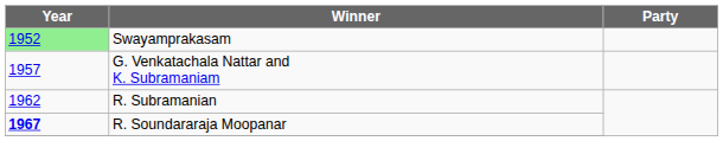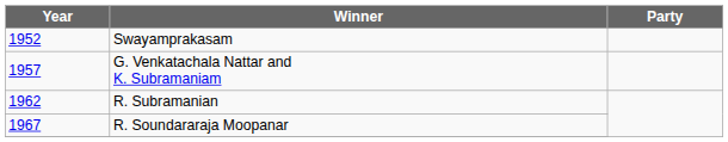 <table class="wikitable" width="50%">
 <tr>
 <th style="background-color:#666666; color:white">Year</th>
 <th style="background-color:#666666; color:white">Winner</th>
 <th style="background-color:#666666; color:white" colspan="2">Party</th>
 </tr>
 <tr>
-<td style="background: lightgreen;"><a href='#'>1952</a></td>
+<td><a href='#'>1952</a></td>
 <td>Swayamprakasam</td>
 <td></td>
 </tr>
 <tr>
 <td><a href='#'>1957</a></td>
 <td>G. Venkatachala Nattar and <br><a href='#'>K. Subramaniam</a></td>
 <td></td>
 </tr>
 <tr>
 <td><a href='#'>1962</a></td>
 <td>R. Subramanian</td>
 </tr>
 <tr>
-<td><strong><a href='#'>1967</a></strong></td>
+<td><a href='#'>1967</a></td>
 <td>R. Soundararaja Moopanar</td>
 </tr>
 <tr>
 </tr>
 </table>
